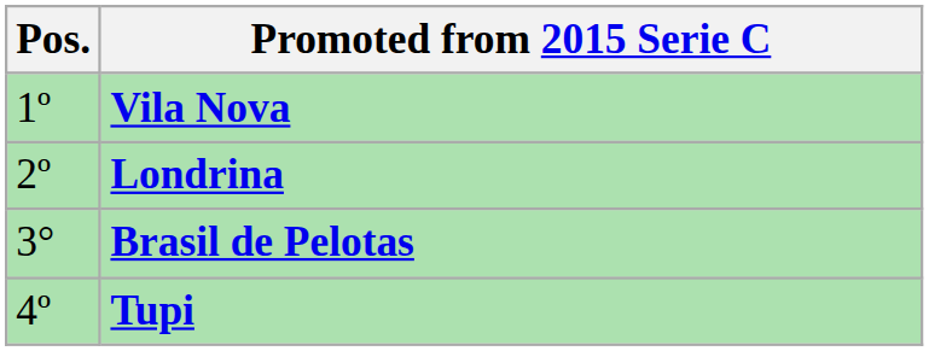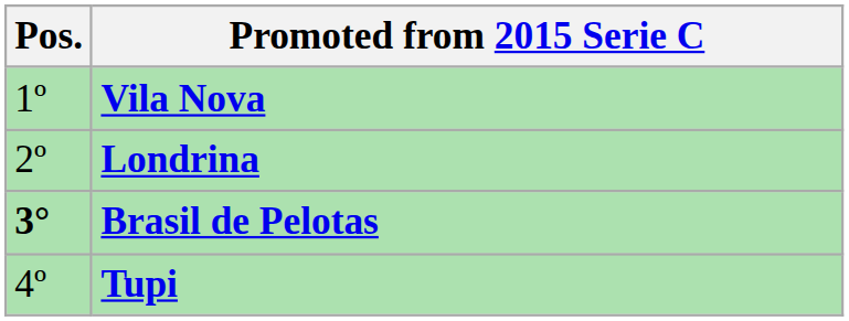 <table class="wikitable">
 <tr>
 <th align="center">Pos.</th>
 <th width=300>Promoted from <a href='#'>2015 Serie C</a></th>
 </tr>
 <tr style="background: #ACE1AF;">
 <td>1º</td>
 <td><strong><a href='#'>Vila Nova</a></strong></td>
 </tr>
 <tr style="background: #ACE1AF;">
 <td>2º</td>
 <td><strong><a href='#'>Londrina</a></strong></td>
 </tr>
 <tr style="background: #ACE1AF;">
-<td>3°</td>
+<td><strong>3°</strong></td>
 <td><strong><a href='#'>Brasil de Pelotas</a></strong></td>
 </tr>
 <tr style="background: #ACE1AF;">
 <td>4º</td>
 <td><strong><a href='#'>Tupi</a></strong></td>
 </tr>
 </table>
